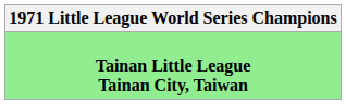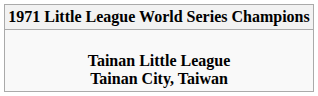 <table class="wikitable" style="text-align: center; margin: 0 auto;">
 <tr>
 <th>1971 Little League World Series Champions</th>
 </tr>
 <tr>
 </tr>
 <tr>
-<td style="background: lightgreen;"><br><strong>Tainan Little League</strong><br><strong>Tainan City, Taiwan</strong></td>
+<td><br><strong>Tainan Little League</strong><br><strong>Tainan City, Taiwan</strong></td>
 </tr>
 </table>
